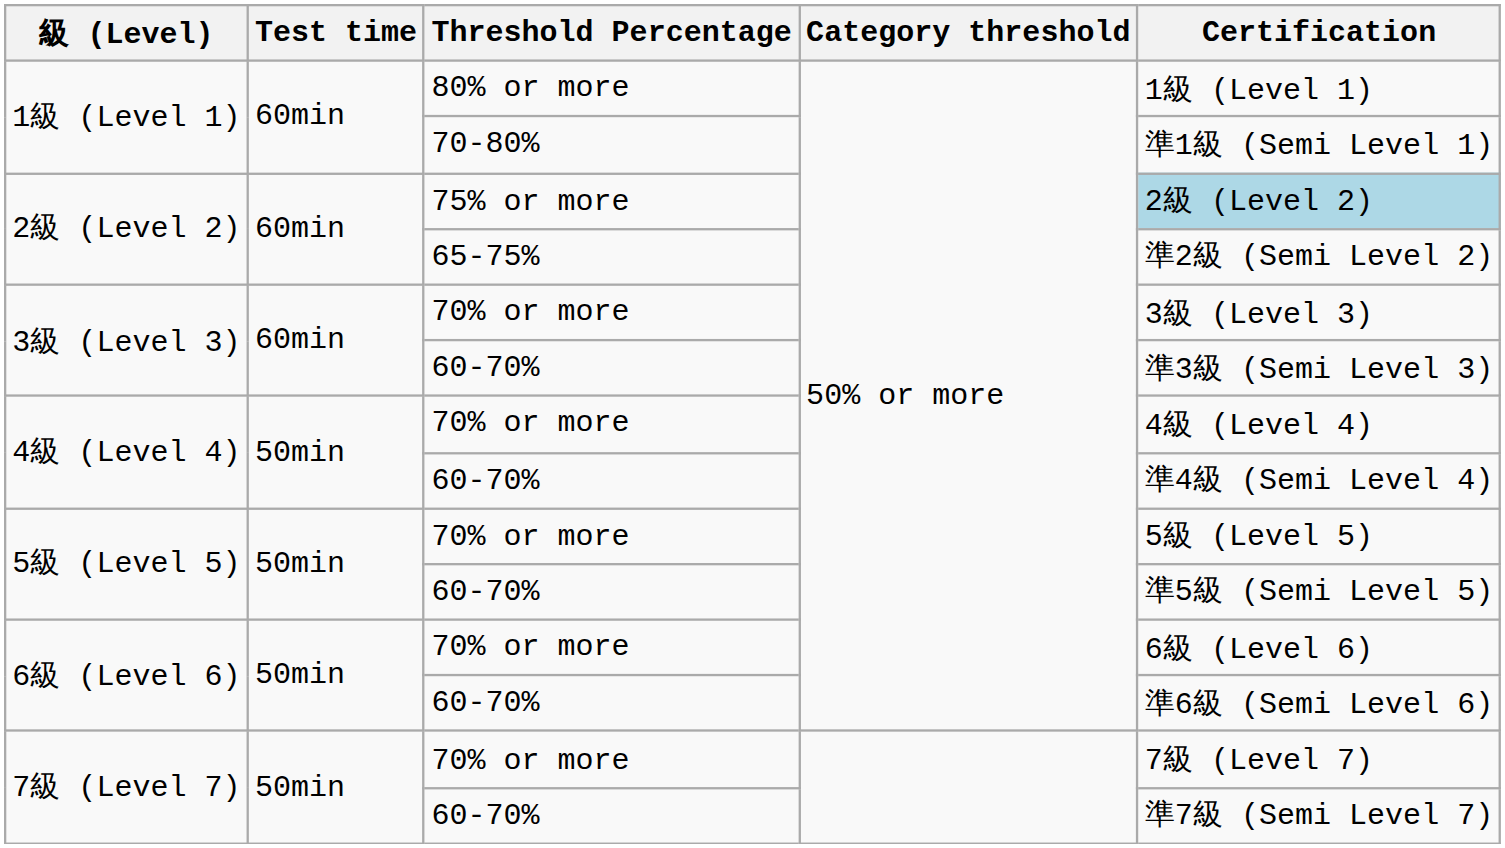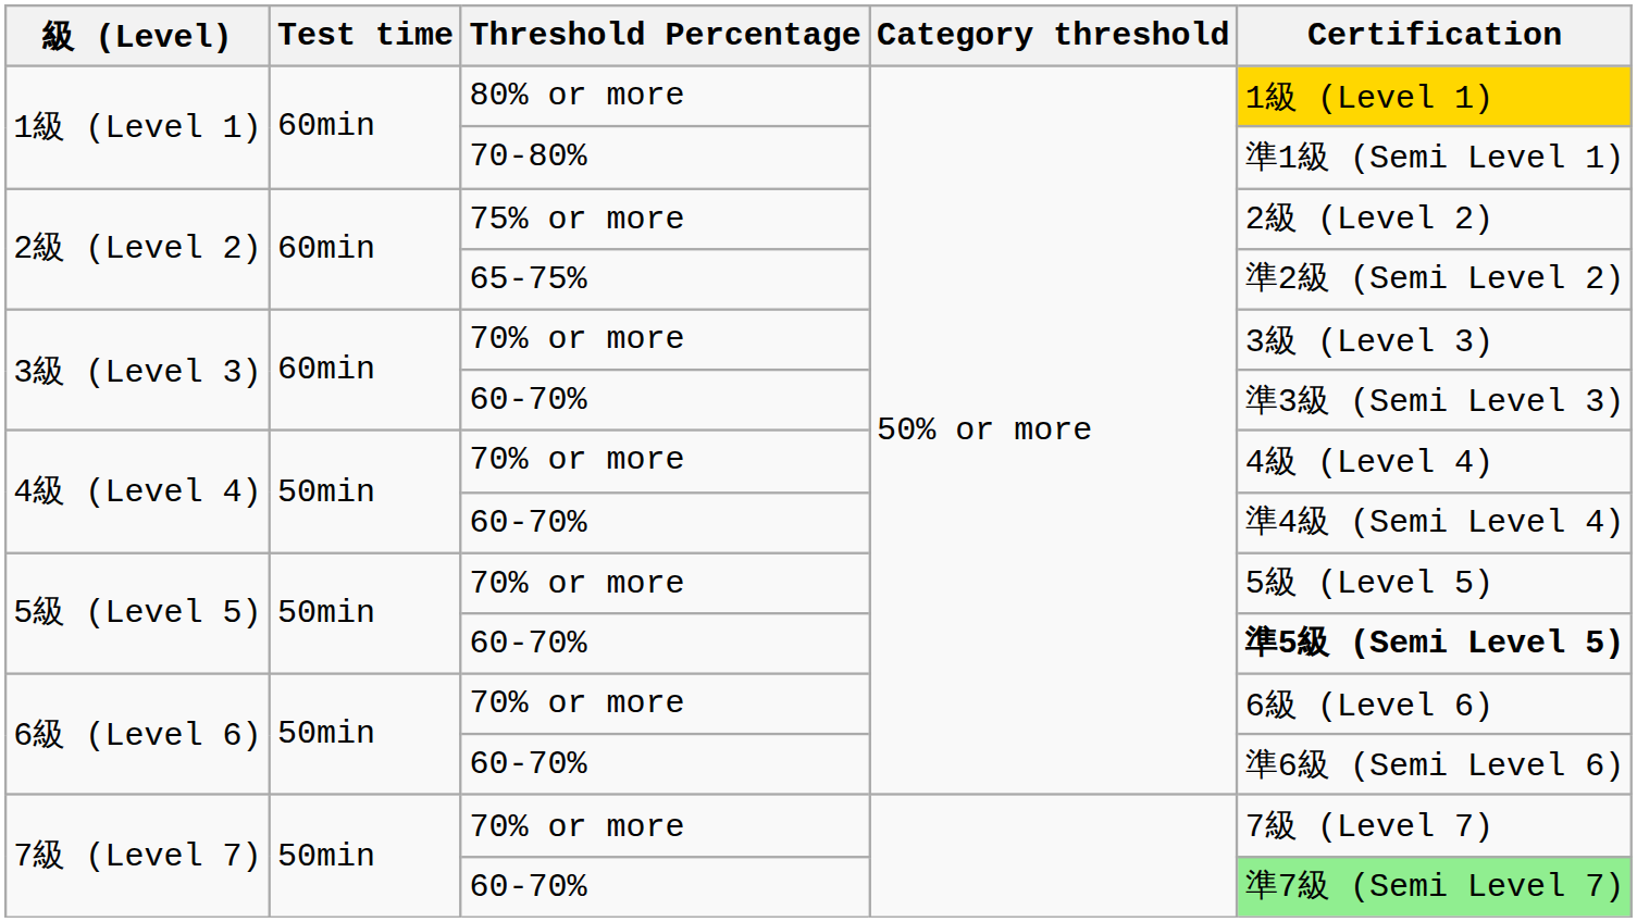 <table class="wikitable">
 <tr>
 <th>級 (Level)</th>
 <th>Test time</th>
 <th>Threshold Percentage</th>
 <th>Category threshold</th>
 <th>Certification</th>
 </tr>
 <tr>
 <td rowspan="2">1級 (Level 1)</td>
 <td rowspan="2">60min</td>
 <td>80% or more</td>
 <td rowspan="12">50% or more</td>
-<td>1級 (Level 1)</td>
+<td style="background: gold;">1級 (Level 1)</td>
 </tr>
 <tr>
 <td>70-80%</td>
 <td>準1級 (Semi Level 1)</td>
 </tr>
 <tr>
 <td rowspan="2">2級 (Level 2)</td>
 <td rowspan="2">60min</td>
 <td>75% or more</td>
-<td style="background: lightblue;">2級 (Level 2)</td>
+<td>2級 (Level 2)</td>
 </tr>
 <tr>
 <td>65-75%</td>
 <td>準2級 (Semi Level 2)</td>
 </tr>
 <tr>
 <td rowspan="2">3級 (Level 3)</td>
 <td rowspan="2">60min</td>
 <td>70% or more</td>
 <td>3級 (Level 3)</td>
 </tr>
 <tr>
 <td>60-70%</td>
 <td>準3級 (Semi Level 3)</td>
 </tr>
 <tr>
 <td rowspan="2">4級 (Level 4)</td>
 <td rowspan="2">50min</td>
 <td>70% or more</td>
 <td>4級 (Level 4)</td>
 </tr>
 <tr>
 <td>60-70%</td>
 <td>準4級 (Semi Level 4)</td>
 </tr>
 <tr>
 <td rowspan="2">5級 (Level 5)</td>
 <td rowspan="2">50min</td>
 <td>70% or more</td>
 <td>5級 (Level 5)</td>
 </tr>
 <tr>
 <td>60-70%</td>
-<td>準5級 (Semi Level 5)</td>
+<td><strong>準5級 (Semi Level 5)</strong></td>
 </tr>
 <tr>
 <td rowspan="2">6級 (Level 6)</td>
 <td rowspan="2">50min</td>
 <td>70% or more</td>
 <td>6級 (Level 6)</td>
 </tr>
 <tr>
 <td>60-70%</td>
 <td>準6級 (Semi Level 6)</td>
 </tr>
 <tr>
 <td rowspan="2">7級 (Level 7)</td>
 <td rowspan="2">50min</td>
 <td>70% or more</td>
 <td rowspan="2"></td>
 <td>7級 (Level 7)</td>
 </tr>
 <tr>
 <td>60-70%</td>
-<td>準7級 (Semi Level 7)</td>
+<td style="background: lightgreen;">準7級 (Semi Level 7)</td>
 </tr>
 </table>
